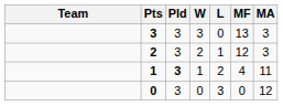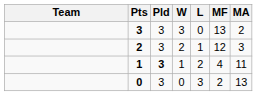 <table class=wikitable style="text-align:center">
 <tr>
 <th width=175>Team</th>
 <th width=20>Pts</th>
 <th width=20>Pld</th>
 <th width=20>W</th>
 <th width=20>L</th>
 <th width=20>MF</th>
 <th width=20>MA</th>
 </tr>
 <tr>
 <td style="text-align:left"></td>
 <td><strong>3</strong></td>
 <td>3</td>
 <td>3</td>
 <td>0</td>
 <td>13</td>
-<td>3</td>
+<td>2</td>
 </tr>
 <tr>
 <td style="text-align:left"></td>
 <td><strong>2</strong></td>
 <td>3</td>
 <td>2</td>
 <td>1</td>
 <td>12</td>
 <td>3</td>
 </tr>
 <tr>
 <td style="text-align:left"></td>
 <td><strong>1</strong></td>
 <td><strong>3</strong></td>
 <td>1</td>
 <td>2</td>
 <td>4</td>
 <td>11</td>
 </tr>
 <tr>
 <td style="text-align:left"></td>
 <td><strong>0</strong></td>
 <td>3</td>
 <td>0</td>
 <td>3</td>
-<td>0</td>
-<td>12</td>
+<td>2</td>
+<td>13</td>
 </tr>
 </table>
